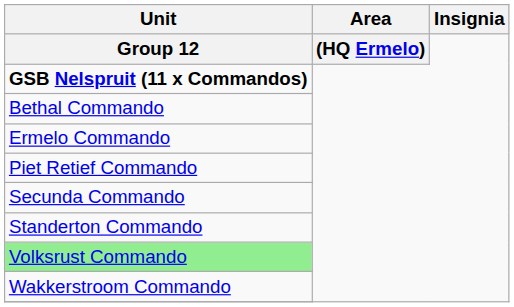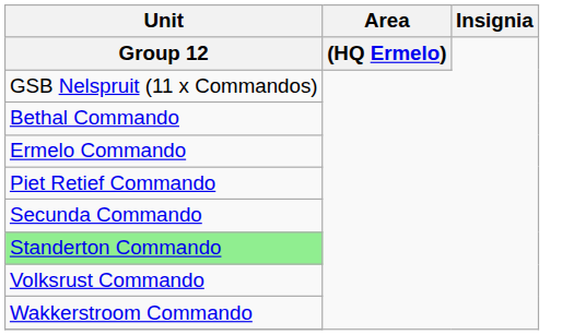 <table class="wikitable">
 <tr>
 <th>Unit</th>
 <th>Area</th>
 <th>Insignia</th>
 </tr>
 <tr>
 <th>Group 12</th>
 <th>(HQ <a href='#'>Ermelo</a>)</th>
 </tr>
 <tr>
-<td><strong>GSB <a href='#'>Nelspruit</a> (11 x Commandos)</strong></td>
+<td>GSB <a href='#'>Nelspruit</a> (11 x Commandos)</td>
 </tr>
 <tr>
 <td><a href='#'>Bethal Commando</a></td>
 </tr>
 <tr>
 <td><a href='#'>Ermelo Commando</a></td>
 </tr>
 <tr>
 <td><a href='#'>Piet Retief Commando</a></td>
 </tr>
 <tr>
 <td><a href='#'>Secunda Commando</a></td>
 </tr>
 <tr>
-<td><a href='#'>Standerton Commando</a></td>
+<td style="background: lightgreen;"><a href='#'>Standerton Commando</a></td>
 </tr>
 <tr>
-<td style="background: lightgreen;"><a href='#'>Volksrust Commando</a></td>
+<td><a href='#'>Volksrust Commando</a></td>
 </tr>
 <tr>
 <td><a href='#'>Wakkerstroom Commando</a></td>
 </tr>
 <tr>
 </tr>
 </table>
